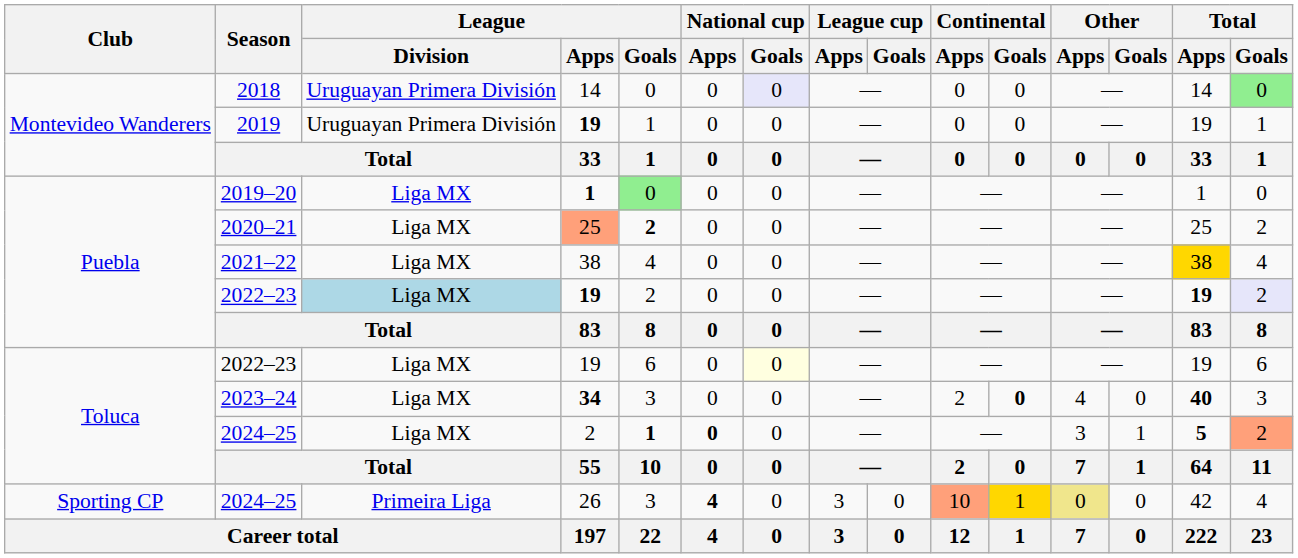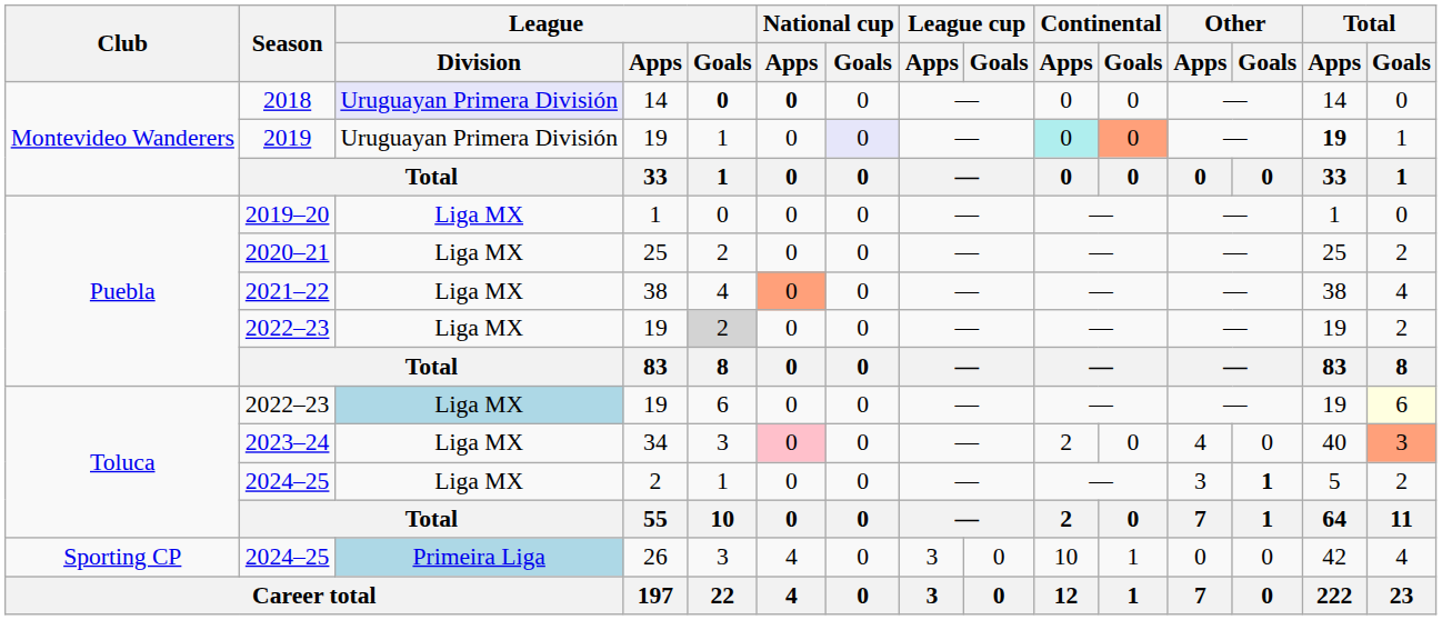 <table class=wikitable style="text-align: center;">
 <tr>
 <th rowspan="2">Club</th>
 <th rowspan="2">Season</th>
 <th colspan="3">League</th>
 <th colspan="2">National cup</th>
 <th colspan="2">League cup</th>
 <th colspan="2">Continental</th>
 <th colspan="2">Other</th>
 <th colspan="2">Total</th>
 </tr>
 <tr>
 <th>Division</th>
 <th>Apps</th>
 <th>Goals</th>
 <th>Apps</th>
 <th>Goals</th>
 <th>Apps</th>
 <th>Goals</th>
 <th>Apps</th>
 <th>Goals</th>
 <th>Apps</th>
 <th>Goals</th>
 <th>Apps</th>
 <th>Goals</th>
 </tr>
 <tr>
 <td rowspan="3"><a href='#'>Montevideo Wanderers</a></td>
 <td><a href='#'>2018</a></td>
-<td><a href='#'>Uruguayan Primera División</a></td>
+<td style="background: lavender;"><a href='#'>Uruguayan Primera División</a></td>
 <td>14</td>
+<td><strong>0</strong></td>
+<td><strong>0</strong></td>
 <td>0</td>
-<td>0</td>
-<td style="background: lavender;">0</td>
 <td colspan="2">—</td>
 <td>0</td>
 <td>0</td>
 <td colspan="2">—</td>
 <td>14</td>
-<td style="background: lightgreen;">0</td>
+<td>0</td>
 </tr>
 <tr>
 <td><a href='#'>2019</a></td>
 <td>Uruguayan Primera División</td>
-<td><strong>19</strong></td>
+<td>19</td>
 <td>1</td>
 <td>0</td>
-<td>0</td>
+<td style="background: lavender;">0</td>
 <td colspan="2">—</td>
-<td>0</td>
-<td>0</td>
+<td style="background: paleturquoise;">0</td>
+<td style="background: lightsalmon;">0</td>
 <td colspan="2">—</td>
-<td>19</td>
+<td><strong>19</strong></td>
 <td>1</td>
 </tr>
 <tr>
 <th colspan="2">Total</th>
 <th>33</th>
 <th>1</th>
 <th>0</th>
 <th>0</th>
 <th colspan="2">—</th>
 <th>0</th>
 <th>0</th>
 <th>0</th>
 <th>0</th>
 <th>33</th>
 <th>1</th>
 </tr>
 <tr>
 <td rowspan="5"><a href='#'>Puebla</a></td>
 <td><a href='#'>2019–20</a></td>
 <td><a href='#'>Liga MX</a></td>
-<td><strong>1</strong></td>
-<td style="background: lightgreen;">0</td>
+<td>1</td>
+<td>0</td>
 <td>0</td>
 <td>0</td>
 <td colspan="2">—</td>
 <td colspan="2">—</td>
 <td colspan="2">—</td>
 <td>1</td>
 <td>0</td>
 </tr>
 <tr>
 <td><a href='#'>2020–21</a></td>
 <td>Liga MX</td>
-<td style="background: lightsalmon;">25</td>
-<td><strong>2</strong></td>
+<td>25</td>
+<td>2</td>
 <td>0</td>
 <td>0</td>
 <td colspan="2">—</td>
 <td colspan="2">—</td>
 <td colspan="2">—</td>
 <td>25</td>
 <td>2</td>
 </tr>
 <tr>
 <td><a href='#'>2021–22</a></td>
 <td>Liga MX</td>
 <td>38</td>
 <td>4</td>
+<td style="background: lightsalmon;">0</td>
+<td>0</td>
+<td colspan="2">—</td>
+<td colspan="2">—</td>
+<td colspan="2">—</td>
+<td>38</td>
+<td>4</td>
+</tr>
+<tr>
+<td><a href='#'>2022–23</a></td>
+<td>Liga MX</td>
+<td>19</td>
+<td style="background: lightgrey;">2</td>
 <td>0</td>
 <td>0</td>
 <td colspan="2">—</td>
 <td colspan="2">—</td>
 <td colspan="2">—</td>
-<td style="background: gold;">38</td>
-<td>4</td>
-</tr>
-<tr>
-<td><a href='#'>2022–23</a></td>
-<td style="background: lightblue;">Liga MX</td>
-<td><strong>19</strong></td>
+<td>19</td>
 <td>2</td>
-<td>0</td>
-<td>0</td>
-<td colspan="2">—</td>
-<td colspan="2">—</td>
-<td colspan="2">—</td>
-<td><strong>19</strong></td>
-<td style="background: lavender;">2</td>
 </tr>
 <tr>
 <th colspan="2">Total</th>
 <th>83</th>
 <th>8</th>
 <th>0</th>
 <th>0</th>
 <th colspan="2">—</th>
 <th colspan="2">—</th>
 <th colspan="2">—</th>
 <th>83</th>
 <th>8</th>
 </tr>
 <tr>
 <td rowspan="4"><a href='#'>Toluca</a></td>
 <td>2022–23</td>
-<td>Liga MX</td>
+<td style="background: lightblue;">Liga MX</td>
 <td>19</td>
 <td>6</td>
 <td>0</td>
-<td style="background: lightyellow;">0</td>
+<td>0</td>
 <td colspan="2">—</td>
 <td colspan="2">—</td>
 <td colspan="2">—</td>
 <td>19</td>
-<td>6</td>
+<td style="background: lightyellow;">6</td>
 </tr>
 <tr>
 <td><a href='#'>2023–24</a></td>
 <td>Liga MX</td>
-<td><strong>34</strong></td>
+<td>34</td>
 <td>3</td>
-<td>0</td>
+<td style="background: pink;">0</td>
 <td>0</td>
 <td colspan="2">—</td>
 <td>2</td>
-<td><strong>0</strong></td>
+<td>0</td>
 <td>4</td>
 <td>0</td>
-<td><strong>40</strong></td>
-<td>3</td>
+<td>40</td>
+<td style="background: lightsalmon;">3</td>
 </tr>
 <tr>
 <td><a href='#'>2024–25</a></td>
 <td>Liga MX</td>
 <td>2</td>
-<td><strong>1</strong></td>
-<td><strong>0</strong></td>
+<td>1</td>
+<td>0</td>
 <td>0</td>
 <td colspan="2">—</td>
 <td colspan="2">—</td>
 <td>3</td>
-<td>1</td>
-<td><strong>5</strong></td>
-<td style="background: lightsalmon;">2</td>
+<td><strong>1</strong></td>
+<td>5</td>
+<td>2</td>
 </tr>
 <tr>
 <th colspan="2">Total</th>
 <th>55</th>
 <th>10</th>
 <th>0</th>
 <th>0</th>
 <th colspan="2">—</th>
 <th>2</th>
 <th>0</th>
 <th>7</th>
 <th>1</th>
 <th>64</th>
 <th>11</th>
 </tr>
 <tr>
 <td><a href='#'>Sporting CP</a></td>
 <td><a href='#'>2024–25</a></td>
-<td><a href='#'>Primeira Liga</a></td>
+<td style="background: lightblue;"><a href='#'>Primeira Liga</a></td>
 <td>26</td>
 <td>3</td>
-<td><strong>4</strong></td>
+<td>4</td>
 <td>0</td>
 <td>3</td>
 <td>0</td>
-<td style="background: lightsalmon;">10</td>
-<td style="background: gold;">1</td>
-<td style="background: khaki;">0</td>
+<td>10</td>
+<td>1</td>
+<td>0</td>
 <td>0</td>
 <td>42</td>
 <td>4</td>
 </tr>
 <tr>
 <th colspan="3">Career total</th>
 <th>197</th>
 <th>22</th>
 <th>4</th>
 <th>0</th>
 <th>3</th>
 <th>0</th>
 <th>12</th>
 <th>1</th>
 <th>7</th>
 <th>0</th>
 <th>222</th>
 <th>23</th>
 </tr>
 </table>
